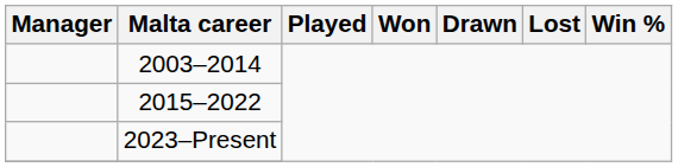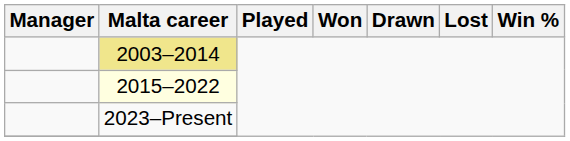 <table class="wikitable sortable" style="text-align: center;">
 <tr>
 <th>Manager</th>
 <th>Malta career</th>
 <th>Played</th>
 <th>Won</th>
 <th>Drawn</th>
 <th>Lost</th>
 <th>Win %</th>
 </tr>
 <tr>
 <td align="left"> </td>
-<td>2003–2014<br></td>
+<td style="background: khaki;">2003–2014<br></td>
 </tr>
 <tr>
 <td align="left"> </td>
-<td>2015–2022<br></td>
+<td style="background: lightyellow;">2015–2022<br></td>
 </tr>
 <tr>
 <td align="left"> </td>
 <td>2023–Present<br></td>
 </tr>
 <tr>
 </tr>
 </table>
